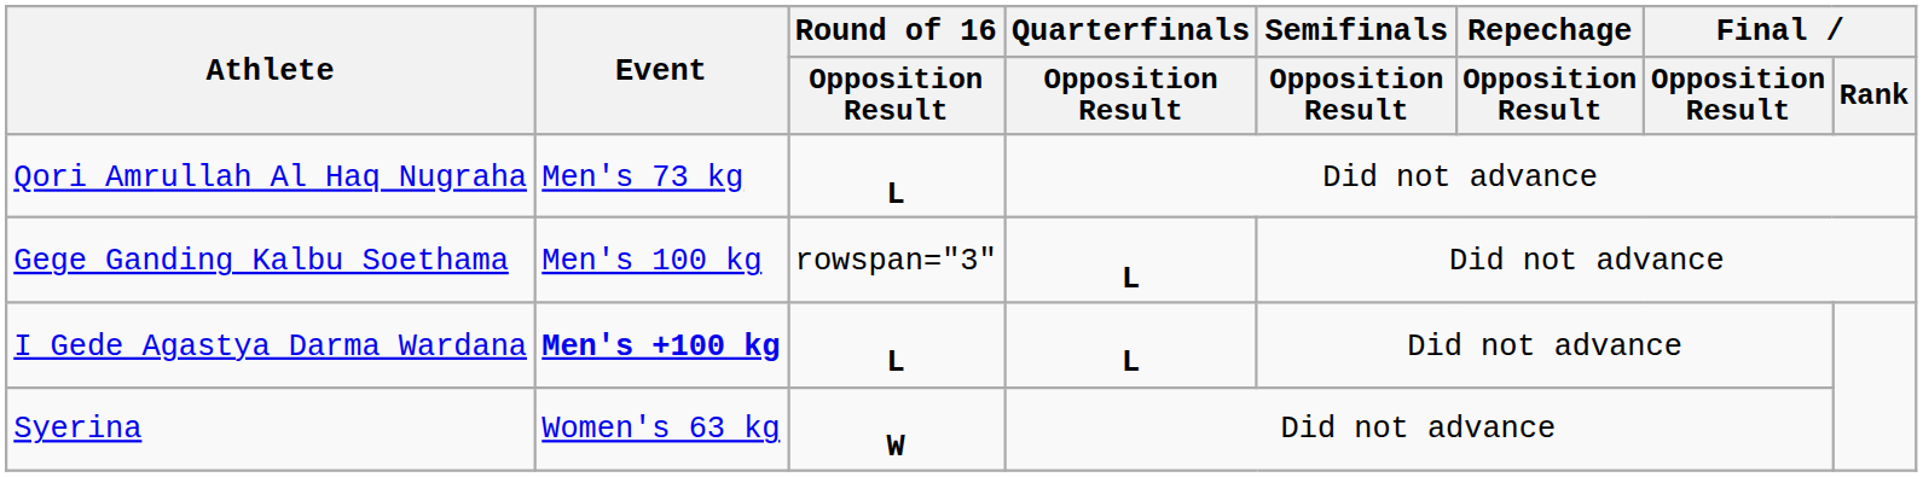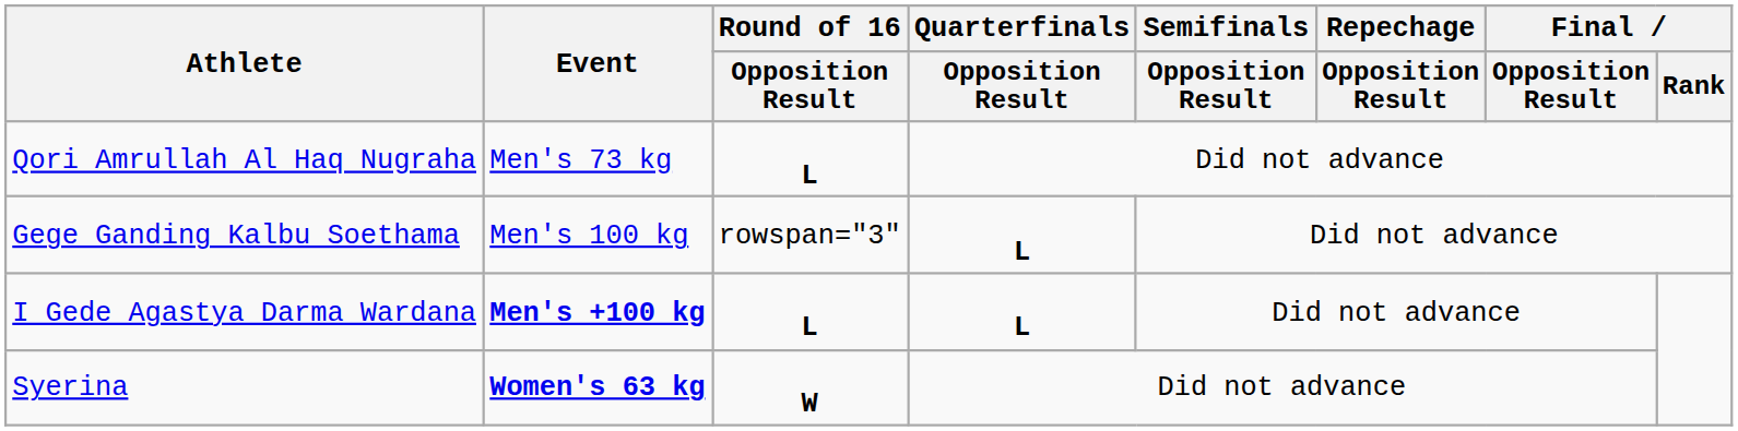 <table class=wikitable style=font-size:88%;text-align:center>
 <tr>
 <th rowspan=2>Athlete</th>
 <th rowspan=2>Event</th>
 <th>Round of 16</th>
 <th>Quarterfinals</th>
 <th>Semifinals</th>
 <th>Repechage</th>
 <th colspan=2>Final / </th>
 </tr>
 <tr style=font-size:95%>
 <th>Opposition<br>Result</th>
 <th>Opposition<br>Result</th>
 <th>Opposition<br>Result</th>
 <th>Opposition<br>Result</th>
 <th>Opposition<br>Result</th>
 <th>Rank</th>
 </tr>
 <tr>
 <td align=left><a href='#'>Qori Amrullah Al Haq Nugraha</a></td>
 <td align=left><a href='#'>Men's 73 kg</a></td>
 <td><br><strong>L</strong></td>
 <td colspan="5">Did not advance</td>
 </tr>
 <tr>
 <td align=left><a href='#'>Gege Ganding Kalbu Soethama</a></td>
 <td align=left><a href='#'>Men's 100 kg</a></td>
 <td>rowspan="3" </td>
 <td><br><strong>L</strong></td>
 <td colspan="4">Did not advance</td>
 </tr>
 <tr>
 <td align=left><a href='#'>I Gede Agastya Darma Wardana</a></td>
 <td align=left><strong><a href='#'>Men's +100 kg</a></strong></td>
 <td><br><strong>L</strong></td>
 <td><br><strong>L</strong></td>
 <td colspan="3">Did not advance</td>
 </tr>
 <tr>
 <td align=left><a href='#'>Syerina</a></td>
-<td align=left><a href='#'>Women's 63 kg</a></td>
+<td align=left><strong><a href='#'>Women's 63 kg</a></strong></td>
 <td><br><strong>W</strong></td>
 <td colspan="4">Did not advance</td>
 </tr>
 </table>
